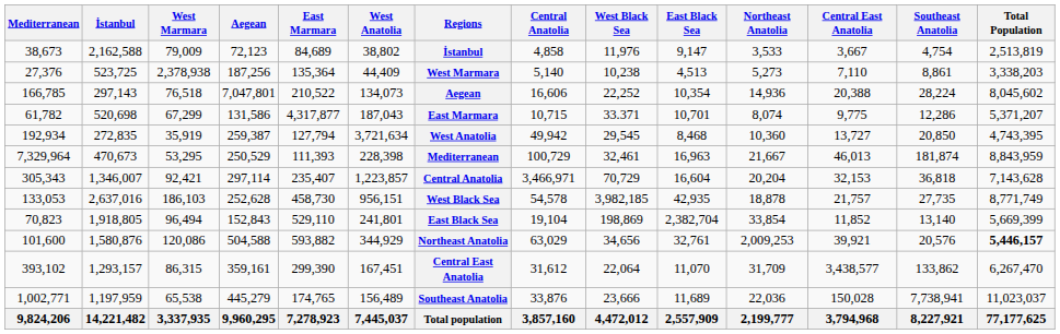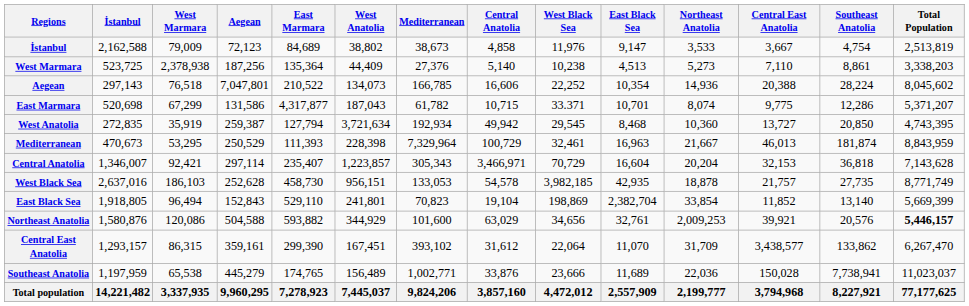 <table class="wikitable sortable" style="width:100%;">
 <tr>
-<th><small><a href='#'>Mediterranean</a></small></th>
+<th><small><a href='#'>Regions</a></small></th>
 <th><small><a href='#'>İstanbul</a></small></th>
 <th><small><a href='#'>West Marmara</a></small></th>
 <th><small><a href='#'>Aegean</a></small></th>
 <th><small><a href='#'>East Marmara</a></small></th>
 <th><small><a href='#'>West Anatolia</a></small></th>
-<th><small><a href='#'>Regions</a></small></th>
+<th><small><a href='#'>Mediterranean</a></small></th>
 <th><small><a href='#'>Central Anatolia</a></small></th>
 <th><small><a href='#'>West Black Sea</a></small></th>
 <th><small><a href='#'>East Black Sea</a></small></th>
 <th><small><a href='#'>Northeast Anatolia</a></small></th>
 <th><small><a href='#'>Central East Anatolia</a></small></th>
 <th><small><a href='#'>Southeast Anatolia</a></small></th>
 <th><small>Total Population</small></th>
 </tr>
 <tr>
-<td align=center>38,673</td>
+<th><small><a href='#'>İstanbul</a></small></th>
 <td align=center>2,162,588</td>
 <td align=center>79,009</td>
 <td align=center>72,123</td>
 <td align=center>84,689</td>
 <td align=center>38,802</td>
-<th><small><a href='#'>İstanbul</a></small></th>
+<td align=center>38,673</td>
 <td align=center>4,858</td>
 <td align=center>11,976</td>
 <td align=center>9,147</td>
 <td align=center>3,533</td>
 <td align=center>3,667</td>
 <td align=center>4,754</td>
 <td align=center>2,513,819</td>
 </tr>
 <tr>
-<td align=center>27,376</td>
+<th><small><a href='#'>West Marmara</a></small></th>
 <td align=center>523,725</td>
 <td align=center>2,378,938</td>
 <td align=center>187,256</td>
 <td align=center>135,364</td>
 <td align=center>44,409</td>
-<th><small><a href='#'>West Marmara</a></small></th>
+<td align=center>27,376</td>
 <td align=center>5,140</td>
 <td align=center>10,238</td>
 <td align=center>4,513</td>
 <td align=center>5,273</td>
 <td align=center>7,110</td>
 <td align=center>8,861</td>
 <td align=center>3,338,203</td>
 </tr>
 <tr>
-<td align=center>166,785</td>
+<th><small><a href='#'>Aegean</a></small></th>
 <td align=center>297,143</td>
 <td align=center>76,518</td>
 <td align=center>7,047,801</td>
 <td align=center>210,522</td>
 <td align=center>134,073</td>
-<th><small><a href='#'>Aegean</a></small></th>
+<td align=center>166,785</td>
 <td align=center>16,606</td>
 <td align=center>22,252</td>
 <td align=center>10,354</td>
 <td align=center>14,936</td>
 <td align=center>20,388</td>
 <td align=center>28,224</td>
 <td align=center>8,045,602</td>
 </tr>
 <tr>
-<td align=center>61,782</td>
+<th><small><a href='#'>East Marmara</a></small></th>
 <td align=center>520,698</td>
 <td align=center>67,299</td>
 <td align=center>131,586</td>
 <td align=center>4,317,877</td>
 <td align=center>187,043</td>
-<th><small><a href='#'>East Marmara</a></small></th>
+<td align=center>61,782</td>
 <td align=center>10,715</td>
 <td align=center>33.371</td>
 <td align=center>10,701</td>
 <td align=center>8,074</td>
 <td align=center>9,775</td>
 <td align=center>12,286</td>
 <td align=center>5,371,207</td>
 </tr>
 <tr>
-<td align=center>192,934</td>
+<th><small><a href='#'>West Anatolia</a></small></th>
 <td align=center>272,835</td>
 <td align=center>35,919</td>
 <td align=center>259,387</td>
 <td align=center>127,794</td>
 <td align=center>3,721,634</td>
-<th><small><a href='#'>West Anatolia</a></small></th>
+<td align=center>192,934</td>
 <td align=center>49,942</td>
 <td align=center>29,545</td>
 <td align=center>8,468</td>
 <td align=center>10,360</td>
 <td align=center>13,727</td>
 <td align=center>20,850</td>
 <td align=center>4,743,395</td>
 </tr>
 <tr>
-<td align=center>7,329,964</td>
+<th><small><a href='#'>Mediterranean</a></small></th>
 <td align=center>470,673</td>
 <td align=center>53,295</td>
 <td align=center>250,529</td>
 <td align=center>111,393</td>
 <td align=center>228,398</td>
-<th><small><a href='#'>Mediterranean</a></small></th>
+<td align=center>7,329,964</td>
 <td align=center>100,729</td>
 <td align=center>32,461</td>
 <td align=center>16,963</td>
 <td align=center>21,667</td>
 <td align=center>46,013</td>
 <td align=center>181,874</td>
 <td align=center>8,843,959</td>
 </tr>
 <tr>
-<td align=center>305,343</td>
+<th><small><a href='#'>Central Anatolia</a></small></th>
 <td align=center>1,346,007</td>
 <td align=center>92,421</td>
 <td align=center>297,114</td>
 <td align=center>235,407</td>
 <td align=center>1,223,857</td>
-<th><small><a href='#'>Central Anatolia</a></small></th>
+<td align=center>305,343</td>
 <td align=center>3,466,971</td>
 <td align=center>70,729</td>
 <td align=center>16,604</td>
 <td align=center>20,204</td>
 <td align=center>32,153</td>
 <td align=center>36,818</td>
 <td align=center>7,143,628</td>
 </tr>
 <tr>
-<td align=center>133,053</td>
+<th><small><a href='#'>West Black Sea</a></small></th>
 <td align=center>2,637,016</td>
 <td align=center>186,103</td>
 <td align=center>252,628</td>
 <td align=center>458,730</td>
 <td align=center>956,151</td>
-<th><small><a href='#'>West Black Sea</a></small></th>
+<td align=center>133,053</td>
 <td align=center>54,578</td>
 <td align=center>3,982,185</td>
 <td align=center>42,935</td>
 <td align=center>18,878</td>
 <td align=center>21,757</td>
 <td align=center>27,735</td>
 <td align=center>8,771,749</td>
 </tr>
 <tr>
-<td align=center>70,823</td>
+<th><small><a href='#'>East Black Sea</a></small></th>
 <td align=center>1,918,805</td>
 <td align=center>96,494</td>
 <td align=center>152,843</td>
 <td align=center>529,110</td>
 <td align=center>241,801</td>
-<th><small><a href='#'>East Black Sea</a></small></th>
+<td align=center>70,823</td>
 <td align=center>19,104</td>
 <td align=center>198,869</td>
 <td align=center>2,382,704</td>
 <td align=center>33,854</td>
 <td align=center>11,852</td>
 <td align=center>13,140</td>
 <td align=center>5,669,399</td>
 </tr>
 <tr>
-<td align=center>101,600</td>
+<th><small><a href='#'>Northeast Anatolia</a></small></th>
 <td align=center>1,580,876</td>
 <td align=center>120,086</td>
 <td align=center>504,588</td>
 <td align=center>593,882</td>
 <td align=center>344,929</td>
-<th><small><a href='#'>Northeast Anatolia</a></small></th>
+<td align=center>101,600</td>
 <td align=center>63,029</td>
 <td align=center>34,656</td>
 <td align=center>32,761</td>
 <td align=center>2,009,253</td>
 <td align=center>39,921</td>
 <td align=center>20,576</td>
 <td align=center><strong>5,446,157</strong></td>
 </tr>
 <tr>
-<td align=center>393,102</td>
+<th><small><a href='#'>Central East Anatolia</a></small></th>
 <td align=center>1,293,157</td>
 <td align=center>86,315</td>
 <td align=center>359,161</td>
 <td align=center>299,390</td>
 <td align=center>167,451</td>
-<th><small><a href='#'>Central East Anatolia</a></small></th>
+<td align=center>393,102</td>
 <td align=center>31,612</td>
 <td align=center>22,064</td>
 <td align=center>11,070</td>
 <td align=center>31,709</td>
 <td align=center>3,438,577</td>
 <td align=center>133,862</td>
 <td align=center>6,267,470</td>
 </tr>
 <tr>
-<td align=center>1,002,771</td>
+<th><small><a href='#'>Southeast Anatolia</a></small></th>
 <td align=center>1,197,959</td>
 <td align=center>65,538</td>
 <td align=center>445,279</td>
 <td align=center>174,765</td>
 <td align=center>156,489</td>
-<th><small><a href='#'>Southeast Anatolia</a></small></th>
+<td align=center>1,002,771</td>
 <td align=center>33,876</td>
 <td align=center>23,666</td>
 <td align=center>11,689</td>
 <td align=center>22,036</td>
 <td align=center>150,028</td>
 <td align=center>7,738,941</td>
 <td align=center>11,023,037</td>
 </tr>
 <tr>
-<th align=center>9,824,206</th>
+<th><small>Total population</small></th>
 <th align=center>14,221,482</th>
 <th align=center>3,337,935</th>
 <th align=center>9,960,295</th>
 <th align=center>7,278,923</th>
 <th align=center>7,445,037</th>
-<th><small>Total population</small></th>
+<th align=center>9,824,206</th>
 <th align=center>3,857,160</th>
 <th align=center>4,472,012</th>
 <th align=center>2,557,909</th>
 <th align=center>2,199,777</th>
 <th align=center>3,794,968</th>
 <th align=center>8,227,921</th>
 <th align=center>77,177,625</th>
 </tr>
 </table>
